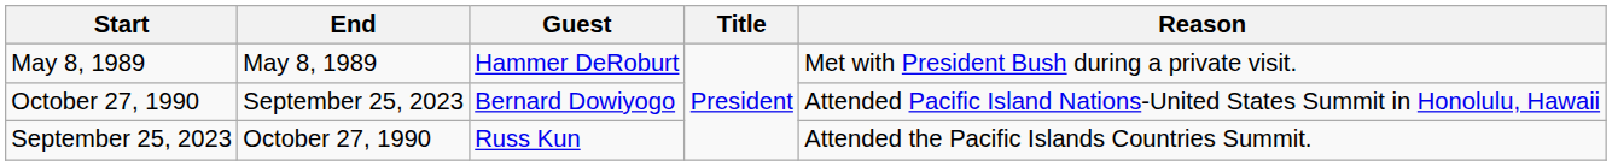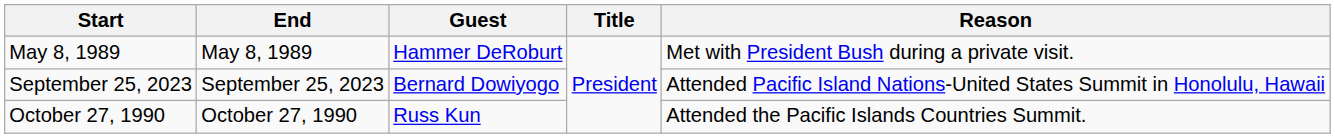 <table class="wikitable sortable">
 <tr>
 <th>Start</th>
 <th>End</th>
 <th>Guest</th>
 <th>Title</th>
 <th>Reason</th>
 </tr>
 <tr>
 <td>May 8, 1989</td>
 <td>May 8, 1989</td>
 <td><a href='#'>Hammer DeRoburt</a></td>
 <td rowspan=3><a href='#'>President</a></td>
 <td>Met with <a href='#'>President Bush</a> during a private visit.</td>
 </tr>
 <tr>
-<td>October 27, 1990</td>
+<td>September 25, 2023</td>
 <td>September 25, 2023</td>
 <td><a href='#'>Bernard Dowiyogo</a></td>
 <td>Attended <a href='#'>Pacific Island Nations</a>-United States Summit in <a href='#'>Honolulu, Hawaii</a></td>
 </tr>
 <tr>
-<td>September 25, 2023</td>
+<td>October 27, 1990</td>
 <td>October 27, 1990</td>
 <td><a href='#'>Russ Kun</a></td>
 <td>Attended the Pacific Islands Countries Summit.</td>
 </tr>
 </table>
